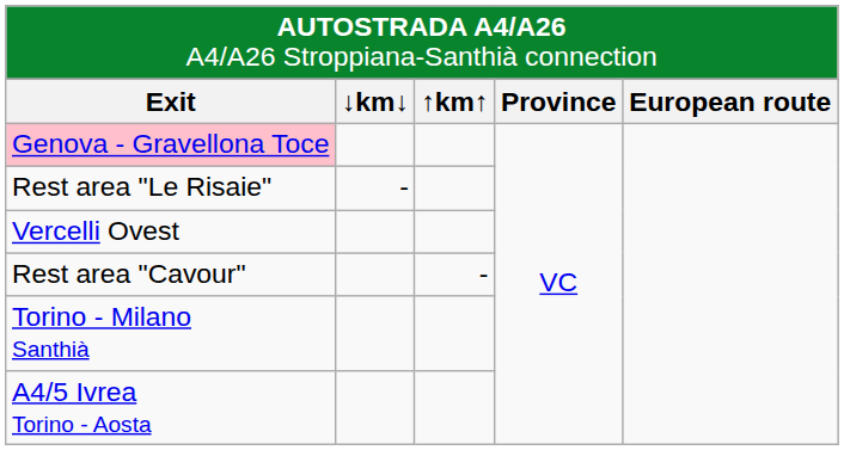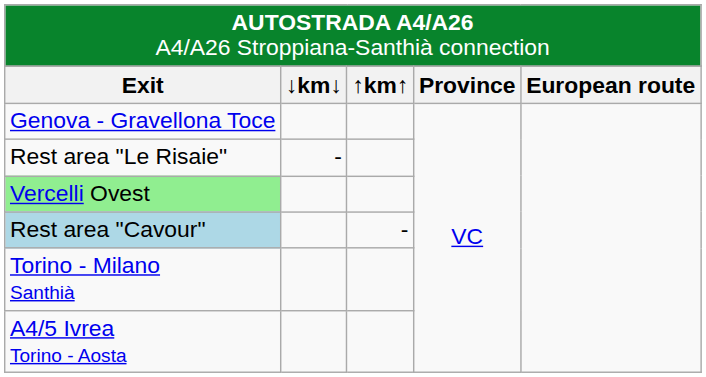 <table class="wikitable">
 <tr align="center" style="color: white;font-size:100%;" bgcolor="#08842c">
 <td colspan="6"><strong> AUTOSTRADA A4/A26</strong><br>A4/A26 Stroppiana-Santhià connection</td>
 </tr>
 <tr>
 </tr>
 <tr>
 <th><strong>Exit</strong></th>
 <th align="center"><strong>↓km↓</strong></th>
 <th align="center"><strong>↑km↑</strong></th>
 <th align="center"><strong>Province</strong></th>
 <th align="center"><strong>European route</strong></th>
 </tr>
 <tr>
-<td style="background: pink;">  <a href='#'>Genova - Gravellona Toce</a></td>
+<td>  <a href='#'>Genova - Gravellona Toce</a></td>
 <td align="right"></td>
 <td align="right"></td>
 <td rowspan="6" align="center"><a href='#'>VC</a></td>
 <td rowspan="6" align="center"></td>
 </tr>
 <tr>
 <td> Rest area "Le Risaie" </td>
 <td align="right">-</td>
 <td align="right"></td>
 </tr>
 <tr>
-<td> <a href='#'>Vercelli</a> Ovest</td>
+<td style="background: lightgreen;"> <a href='#'>Vercelli</a> Ovest</td>
 <td align="right"></td>
 <td align="right"></td>
 </tr>
 <tr>
-<td> Rest area "Cavour"</td>
+<td style="background: lightblue;"> Rest area "Cavour"</td>
 <td align="right"></td>
 <td align="right">-</td>
 </tr>
 <tr>
 <td>   <a href='#'>Torino - Milano</a><br><small><a href='#'>Santhià</a></small></td>
 <td align="right"></td>
 <td align="right"></td>
 </tr>
 <tr>
 <td>  <a href='#'>A4/5 Ivrea</a><br><small> <a href='#'>Torino - Aosta</a></small></td>
 <td align="right"></td>
 <td align="right"></td>
 </tr>
 </table>
